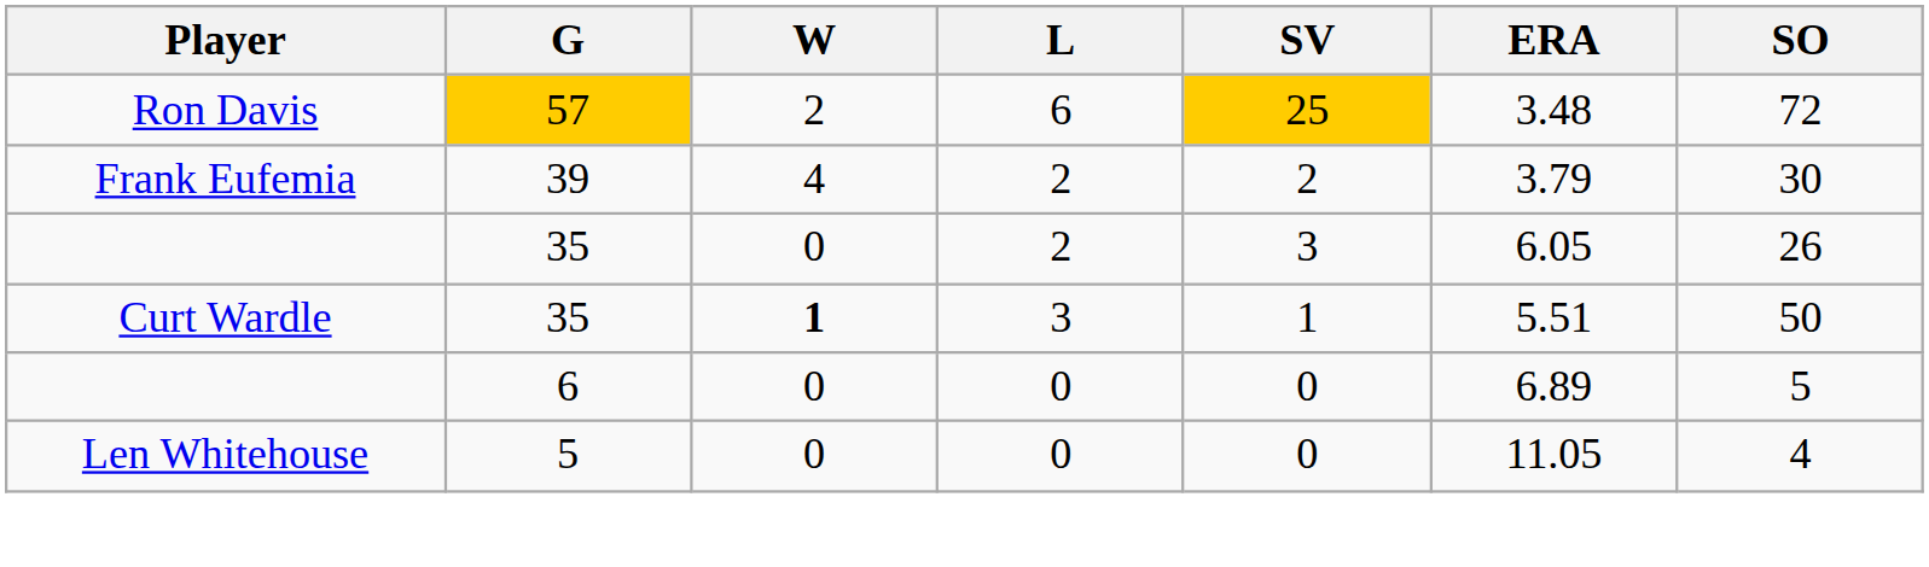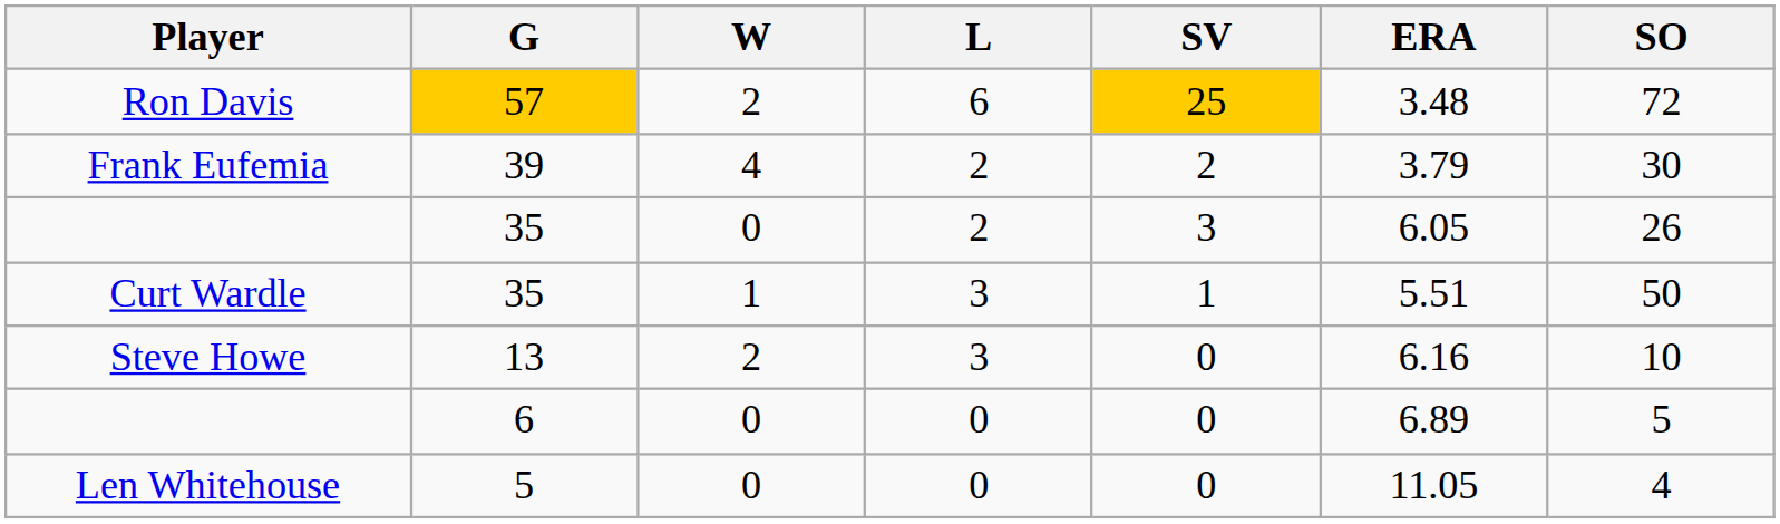 <table class="wikitable sortable">
 <tr>
 <th bgcolor="#DDDDFF" width="16%">Player</th>
 <th bgcolor="#DDDDFF" width="9%">G</th>
 <th bgcolor="#DDDDFF" width="9%">W</th>
 <th bgcolor="#DDDDFF" width="9%">L</th>
 <th bgcolor="#DDDDFF" width="9%">SV</th>
 <th bgcolor="#DDDDFF" width="9%">ERA</th>
 <th bgcolor="#DDDDFF" width="9%">SO</th>
 </tr>
 <tr align="center">
 <td><a href='#'>Ron Davis</a></td>
 <td style="background:#fc0;">57</td>
 <td>2</td>
 <td>6</td>
 <td style="background:#fc0;">25</td>
 <td>3.48</td>
 <td>72</td>
 </tr>
 <tr align=center>
 <td><a href='#'>Frank Eufemia</a></td>
 <td>39</td>
 <td>4</td>
 <td>2</td>
 <td>2</td>
 <td>3.79</td>
 <td>30</td>
 </tr>
 <tr align=center>
 <td></td>
 <td>35</td>
 <td>0</td>
 <td>2</td>
 <td>3</td>
 <td>6.05</td>
 <td>26</td>
 </tr>
 <tr align="center">
 <td><a href='#'>Curt Wardle</a></td>
 <td>35</td>
-<td><strong>1</strong></td>
+<td>1</td>
 <td>3</td>
 <td>1</td>
 <td>5.51</td>
 <td>50</td>
+</tr>
+<tr align=center>
+<td><a href='#'>Steve Howe</a></td>
+<td>13</td>
+<td>2</td>
+<td>3</td>
+<td>0</td>
+<td>6.16</td>
+<td>10</td>
 </tr>
 <tr align=center>
 <td></td>
 <td>6</td>
 <td>0</td>
 <td>0</td>
 <td>0</td>
 <td>6.89</td>
 <td>5</td>
 </tr>
 <tr align="center">
 <td><a href='#'>Len Whitehouse</a></td>
 <td>5</td>
 <td>0</td>
 <td>0</td>
 <td>0</td>
 <td>11.05</td>
 <td>4</td>
 </tr>
 </table>
